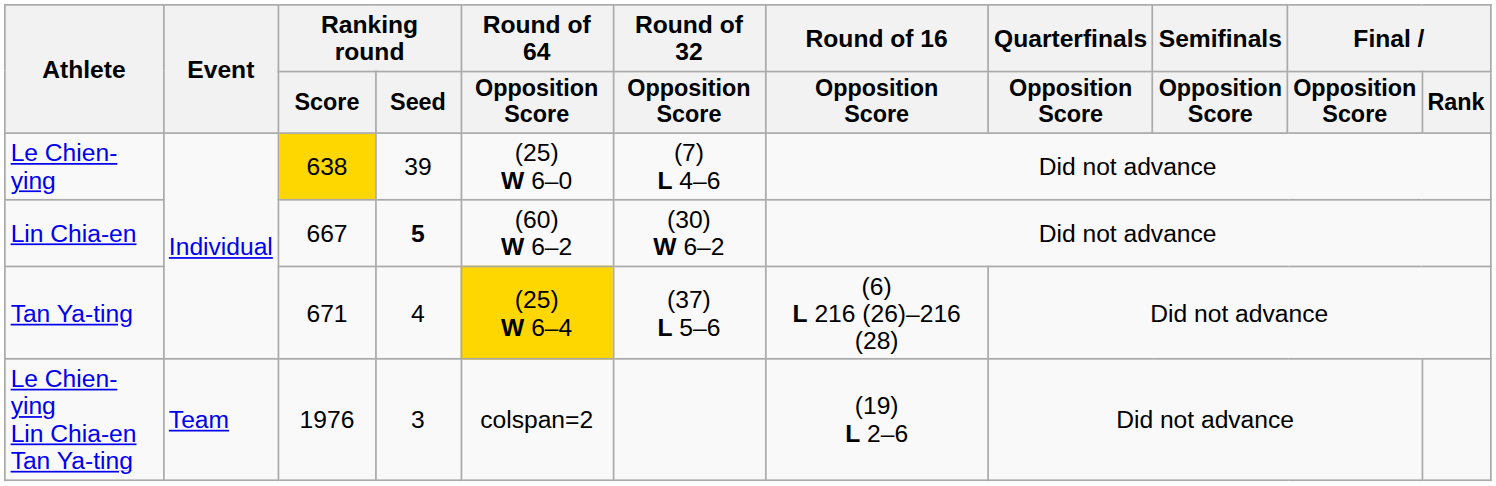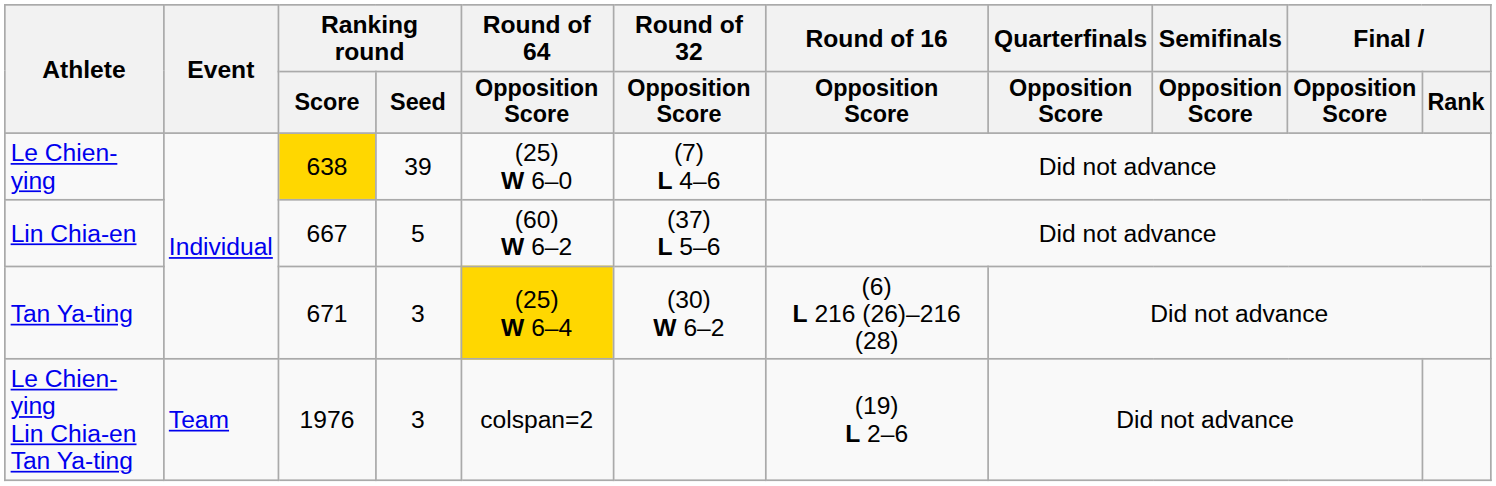 <table class="wikitable" style="font-size:90%">
 <tr>
 <th rowspan="2">Athlete</th>
 <th rowspan="2">Event</th>
 <th colspan="2">Ranking round</th>
 <th>Round of 64</th>
 <th>Round of 32</th>
 <th>Round of 16</th>
 <th>Quarterfinals</th>
 <th>Semifinals</th>
 <th colspan="2">Final / </th>
 </tr>
 <tr style="font-size:95%">
 <th>Score</th>
 <th>Seed</th>
 <th>Opposition<br>Score</th>
 <th>Opposition<br>Score</th>
 <th>Opposition<br>Score</th>
 <th>Opposition<br>Score</th>
 <th>Opposition<br>Score</th>
 <th>Opposition<br>Score</th>
 <th>Rank</th>
 </tr>
 <tr align=center>
 <td align=left><a href='#'>Le Chien-ying</a></td>
 <td align=left rowspan=3><a href='#'>Individual</a></td>
 <td style="background: gold;">638</td>
 <td>39</td>
 <td> (25)<br><strong>W</strong> 6–0</td>
 <td> (7)<br><strong>L</strong> 4–6</td>
 <td colspan=5>Did not advance</td>
 </tr>
 <tr align=center>
 <td align=left><a href='#'>Lin Chia-en</a></td>
 <td>667</td>
-<td><strong>5</strong></td>
+<td>5</td>
 <td> (60)<br><strong>W</strong> 6–2</td>
-<td> (30)<br><strong>W</strong> 6–2</td>
+<td> (37)<br><strong>L</strong> 5–6</td>
 <td colspan=5>Did not advance</td>
 </tr>
 <tr align=center>
 <td align=left><a href='#'>Tan Ya-ting</a></td>
 <td>671</td>
-<td>4</td>
+<td>3</td>
 <td style="background: gold;"> (25)<br><strong>W</strong> 6–4</td>
-<td> (37)<br><strong>L</strong> 5–6</td>
+<td> (30)<br><strong>W</strong> 6–2</td>
 <td> (6)<br><strong>L</strong> 216 (26)–216 (28)</td>
 <td colspan=4>Did not advance</td>
 </tr>
 <tr align=center>
 <td align=left><a href='#'>Le Chien-ying</a><br><a href='#'>Lin Chia-en</a><br><a href='#'>Tan Ya-ting</a></td>
 <td align=left><a href='#'>Team</a></td>
 <td>1976</td>
 <td>3</td>
 <td>colspan=2 </td>
 <td></td>
 <td> (19)<br><strong>L</strong> 2–6</td>
 <td colspan=3>Did not advance</td>
 </tr>
 </table>
